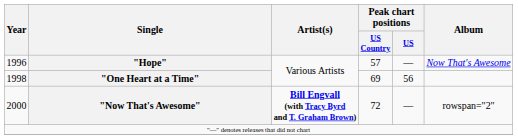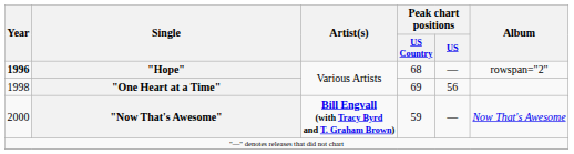 <table class="wikitable plainrowheaders" style="text-align:center;">
 <tr>
 <th rowspan="2">Year</th>
 <th rowspan="2" style="width:24em;">Single</th>
 <th rowspan="2">Artist(s)</th>
 <th colspan="2">Peak chart<br>positions</th>
 <th rowspan="2">Album</th>
 </tr>
 <tr style="font-size:smaller;">
 <th width="45"><a href='#'>US Country</a></th>
 <th width="45"><a href='#'>US</a></th>
 </tr>
 <tr>
-<td>1996</td>
+<td><strong>1996</strong></td>
 <th scope="row">"Hope"</th>
 <td rowspan="2">Various Artists</td>
-<td>57</td>
+<td>68</td>
 <td>—</td>
-<td align="left"><em><a href='#'>Now That's Awesome</a></em></td>
+<td>rowspan="2" </td>
 </tr>
 <tr>
 <td>1998</td>
 <th scope="row">"One Heart at a Time"</th>
 <td>69</td>
 <td>56</td>
 </tr>
 <tr>
 <td>2000</td>
 <th scope="row">"Now That's Awesome"</th>
 <td><strong><a href='#'>Bill Engvall</a><br><small>(with <a href='#'>Tracy Byrd</a><br>and <a href='#'>T. Graham Brown</a>)</small></strong></td>
-<td>72</td>
+<td>59</td>
 <td>—</td>
-<td>rowspan="2" </td>
+<td align="left"><em><a href='#'>Now That's Awesome</a></em></td>
 </tr>
 <tr>
 <td colspan="6" style="font-size:8pt">"—" denotes releases that did not chart</td>
 </tr>
 <tr>
 </tr>
 </table>
